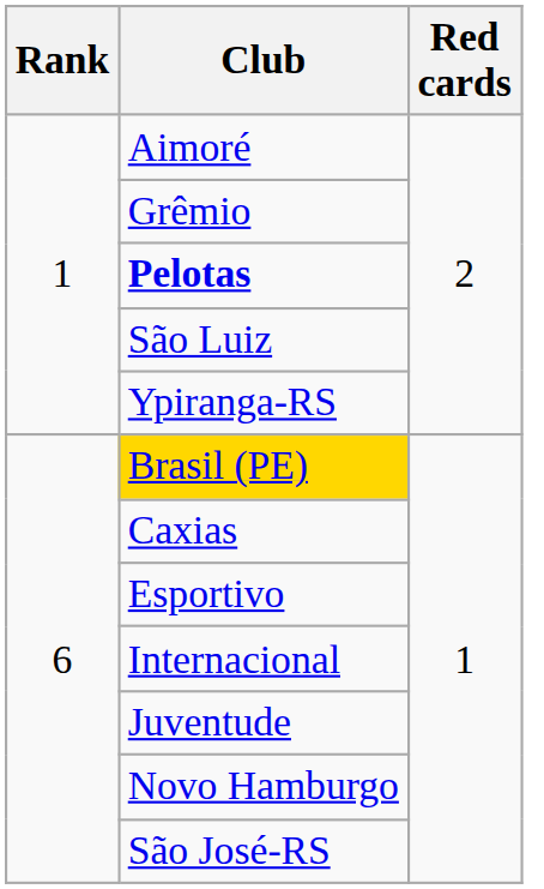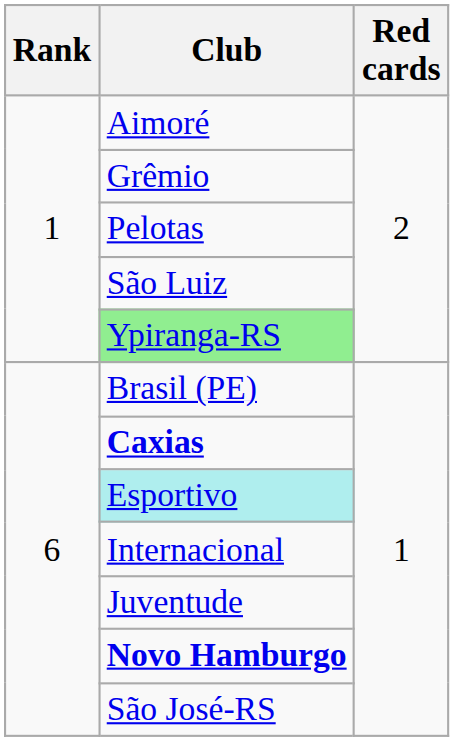 <table class="wikitable" style="text-align:center">
 <tr>
 <th>Rank</th>
 <th>Club</th>
 <th>Red<br>cards</th>
 </tr>
 <tr>
 <td rowspan=5>1</td>
 <td align=left><a href='#'>Aimoré</a></td>
 <td rowspan=5>2</td>
 </tr>
 <tr>
 <td align=left><a href='#'>Grêmio</a></td>
 </tr>
 <tr>
-<td align=left><strong><a href='#'>Pelotas</a></strong></td>
+<td align=left><a href='#'>Pelotas</a></td>
 </tr>
 <tr>
 <td align=left><a href='#'>São Luiz</a></td>
 </tr>
 <tr>
-<td align=left><a href='#'>Ypiranga-RS</a></td>
+<td align=left style="background: lightgreen;"><a href='#'>Ypiranga-RS</a></td>
 </tr>
 <tr>
 <td rowspan=7>6</td>
-<td align=left style="background: gold;"><a href='#'>Brasil (PE)</a></td>
+<td align=left><a href='#'>Brasil (PE)</a></td>
 <td rowspan=7>1</td>
 </tr>
 <tr>
-<td align=left><a href='#'>Caxias</a></td>
+<td align=left><strong><a href='#'>Caxias</a></strong></td>
 </tr>
 <tr>
-<td align=left><a href='#'>Esportivo</a></td>
+<td align=left style="background: paleturquoise;"><a href='#'>Esportivo</a></td>
 </tr>
 <tr>
 <td align=left><a href='#'>Internacional</a></td>
 </tr>
 <tr>
 <td align=left><a href='#'>Juventude</a></td>
 </tr>
 <tr>
-<td align=left><a href='#'>Novo Hamburgo</a></td>
+<td align=left><strong><a href='#'>Novo Hamburgo</a></strong></td>
 </tr>
 <tr>
 <td align=left><a href='#'>São José-RS</a></td>
 </tr>
 </table>
